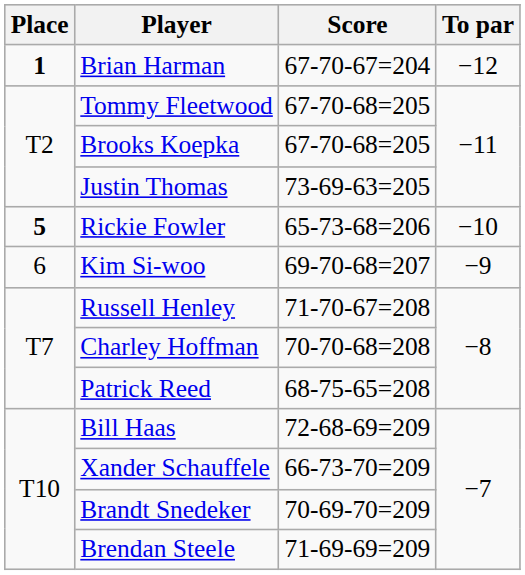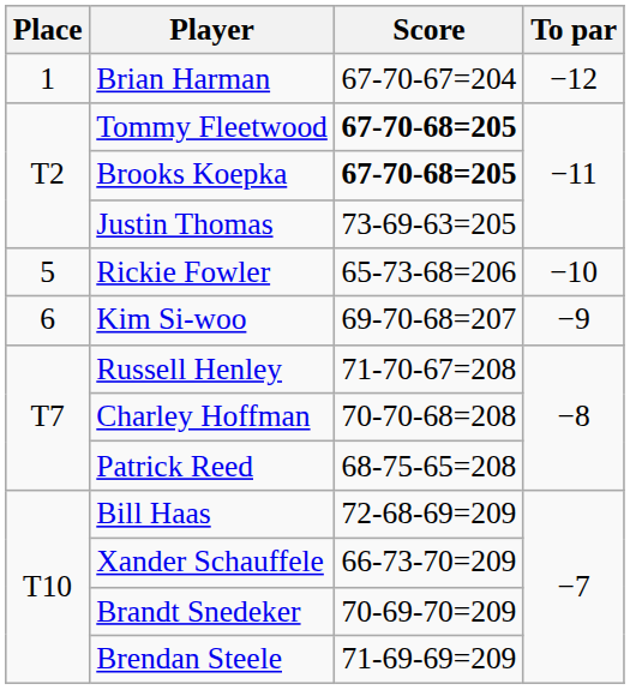 <table class="wikitable">
 <tr>
 <th>Place</th>
 <th>Player</th>
 <th>Score</th>
 <th>To par</th>
 </tr>
 <tr>
-<td align=center><strong>1</strong></td>
+<td align=center>1</td>
 <td> <a href='#'>Brian Harman</a></td>
 <td>67-70-67=204</td>
 <td align=center>−12</td>
 </tr>
 <tr>
 <td rowspan=3 align=center>T2</td>
 <td> <a href='#'>Tommy Fleetwood</a></td>
-<td>67-70-68=205</td>
+<td><strong>67-70-68=205</strong></td>
 <td rowspan=3 align=center>−11</td>
 </tr>
 <tr>
 <td> <a href='#'>Brooks Koepka</a></td>
-<td>67-70-68=205</td>
+<td><strong>67-70-68=205</strong></td>
 </tr>
 <tr>
 <td> <a href='#'>Justin Thomas</a></td>
 <td>73-69-63=205</td>
 </tr>
 <tr>
-<td align=center><strong>5</strong></td>
+<td align=center>5</td>
 <td> <a href='#'>Rickie Fowler</a></td>
 <td>65-73-68=206</td>
 <td align=center>−10</td>
 </tr>
 <tr>
 <td align=center>6</td>
 <td> <a href='#'>Kim Si-woo</a></td>
 <td>69-70-68=207</td>
 <td align=center>−9</td>
 </tr>
 <tr>
 <td rowspan=3 align=center>T7</td>
 <td> <a href='#'>Russell Henley</a></td>
 <td>71-70-67=208</td>
 <td rowspan=3 align=center>−8</td>
 </tr>
 <tr>
 <td> <a href='#'>Charley Hoffman</a></td>
 <td>70-70-68=208</td>
 </tr>
 <tr>
 <td> <a href='#'>Patrick Reed</a></td>
 <td>68-75-65=208</td>
 </tr>
 <tr>
 <td rowspan=4 align=center>T10</td>
 <td> <a href='#'>Bill Haas</a></td>
 <td>72-68-69=209</td>
 <td rowspan=4 align=center>−7</td>
 </tr>
 <tr>
 <td> <a href='#'>Xander Schauffele</a></td>
 <td>66-73-70=209</td>
 </tr>
 <tr>
 <td> <a href='#'>Brandt Snedeker</a></td>
 <td>70-69-70=209</td>
 </tr>
 <tr>
 <td> <a href='#'>Brendan Steele</a></td>
 <td>71-69-69=209</td>
 </tr>
 </table>
